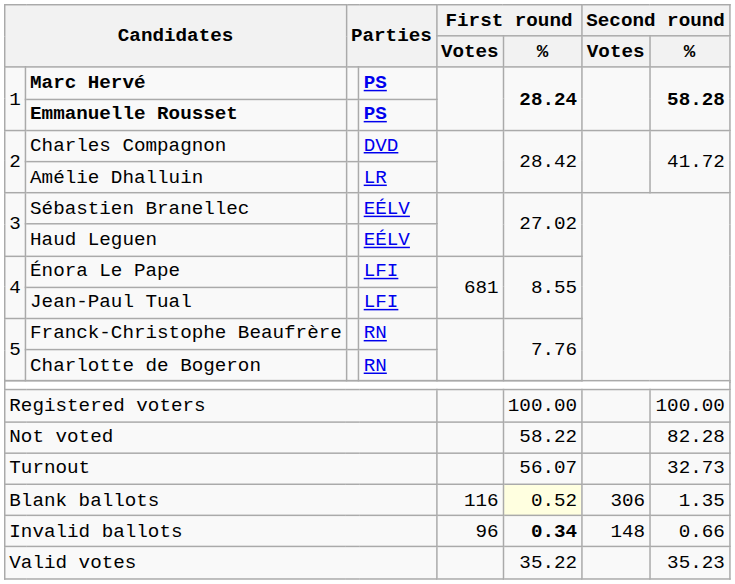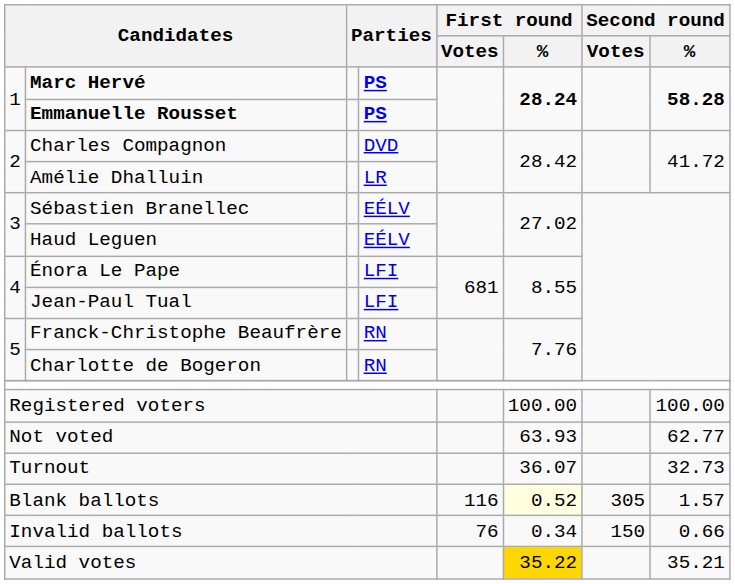 <table class="wikitable centre">
 <tr>
 <th scope="col" rowspan=2 colspan=2>Candidates</th>
 <th scope="col" rowspan=2 colspan=2>Parties</th>
 <th scope="col" colspan=2>First round</th>
 <th scope="col" colspan=2>Second round</th>
 </tr>
 <tr>
 <th scope="col">Votes</th>
 <th scope="col">%</th>
 <th scope="col">Votes</th>
 <th scope="col">%</th>
 </tr>
 <tr>
 <td rowspan=2>1</td>
 <td><strong>Marc Hervé</strong></td>
 <td style="background-color: "></td>
 <td><strong><a href='#'>PS</a></strong></td>
 <td rowspan=2 style="text-align: right"><strong></strong></td>
 <td rowspan=2 style="text-align: right"><strong>28.24</strong></td>
 <td rowspan=2 style="text-align: right"><strong></strong></td>
 <td rowspan=2 style="text-align: right"><strong>58.28</strong></td>
 </tr>
 <tr>
 <td><strong>Emmanuelle Rousset</strong></td>
 <td style="background-color: "></td>
 <td><strong><a href='#'>PS</a></strong></td>
 </tr>
 <tr>
 <td rowspan=2>2</td>
 <td>Charles Compagnon</td>
 <td style="background-color: "></td>
 <td><a href='#'>DVD</a></td>
 <td rowspan=2 style="text-align: right"></td>
 <td rowspan=2 style="text-align: right">28.42</td>
 <td rowspan=2 style="text-align: right"></td>
 <td rowspan=2 style="text-align: right">41.72</td>
 </tr>
 <tr>
 <td>Amélie Dhalluin</td>
 <td style="background-color: "></td>
 <td><a href='#'>LR</a></td>
 </tr>
 <tr>
 <td rowspan=2>3</td>
 <td>Sébastien Branellec</td>
 <td style="background-color: "></td>
 <td><a href='#'>EÉLV</a></td>
 <td rowspan=2 style="text-align: right"></td>
 <td rowspan=2 style="text-align: right">27.02</td>
 <td colspan="2" rowspan="7" style="text-align: right"></td>
 </tr>
 <tr>
 <td>Haud Leguen</td>
 <td style="background-color: "></td>
 <td><a href='#'>EÉLV</a></td>
 </tr>
 <tr>
 <td rowspan=2>4</td>
 <td>Énora Le Pape</td>
 <td style="background-color: "></td>
 <td><a href='#'>LFI</a></td>
 <td rowspan=2 style="text-align: right">681</td>
 <td rowspan=2 style="text-align: right">8.55</td>
 </tr>
 <tr>
 <td>Jean-Paul Tual</td>
 <td style="background-color: "></td>
 <td><a href='#'>LFI</a></td>
 </tr>
 <tr>
 <td rowspan=2>5</td>
 <td>Franck-Christophe Beaufrère</td>
 <td style="background-color: "></td>
 <td><a href='#'>RN</a></td>
 <td rowspan=2 style="text-align: right"></td>
 <td rowspan=2 style="text-align: right">7.76</td>
 </tr>
 <tr>
 <td>Charlotte de Bogeron</td>
 <td style="background-color: "></td>
 <td><a href='#'>RN</a></td>
 </tr>
 <tr>
 </tr>
 <tr bgcolor=white>
 <td colspan=8></td>
 </tr>
 <tr>
 <td colspan=4>Registered voters</td>
 <td style="text-align: right"></td>
 <td style="text-align: right">100.00</td>
 <td style="text-align: right"></td>
 <td style="text-align: right">100.00</td>
 </tr>
 <tr>
 <td colspan=4>Not voted</td>
 <td style="text-align: right"></td>
-<td style="text-align: right">58.22</td>
+<td style="text-align: right">63.93</td>
 <td style="text-align: right"></td>
-<td style="text-align: right">82.28</td>
+<td style="text-align: right">62.77</td>
 </tr>
 <tr>
 <td colspan=4>Turnout</td>
 <td style="text-align: right"></td>
-<td style="text-align: right">56.07</td>
+<td style="text-align: right">36.07</td>
 <td style="text-align: right"></td>
 <td style="text-align: right">32.73</td>
 </tr>
 <tr>
 <td colspan=4>Blank ballots</td>
 <td style="text-align: right">116</td>
 <td style="background: lightyellow; text-align: right">0.52</td>
-<td style="text-align: right">306</td>
-<td style="text-align: right">1.35</td>
+<td style="text-align: right">305</td>
+<td style="text-align: right">1.57</td>
 </tr>
 <tr>
 <td colspan=4>Invalid ballots</td>
-<td style="text-align: right">96</td>
-<td style="text-align: right"><strong>0.34</strong></td>
-<td style="text-align: right">148</td>
+<td style="text-align: right">76</td>
+<td style="text-align: right">0.34</td>
+<td style="text-align: right">150</td>
 <td style="text-align: right">0.66</td>
 </tr>
 <tr>
 <td colspan=4>Valid votes</td>
 <td style="text-align: right"></td>
-<td style="text-align: right">35.22</td>
+<td style="background: gold; text-align: right">35.22</td>
 <td style="text-align: right"></td>
-<td style="text-align: right">35.23</td>
+<td style="text-align: right">35.21</td>
 </tr>
 </table>
